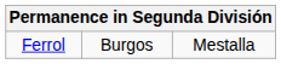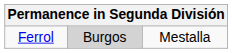 <table class="wikitable" style="text-align: center; margin: 0 auto;">
 <tr>
 <th colspan="3"><strong>Permanence in Segunda División</strong></th>
 </tr>
 <tr>
 <td><a href='#'>Ferrol</a></td>
-<td>Burgos</td>
+<td style="background: lightgrey;">Burgos</td>
 <td>Mestalla</td>
 </tr>
 </table>
